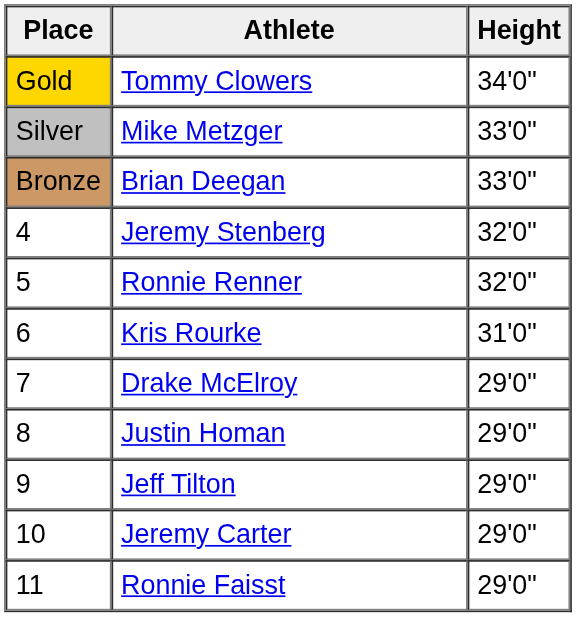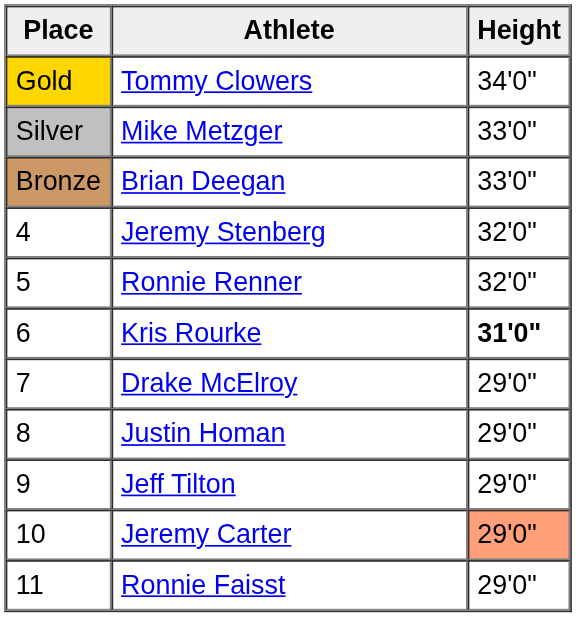 <table border=1 cellpadding=5 cellspacing=0>
 <tr>
 <th style="background:#efefef;" width="20">Place</th>
 <th style="background:#efefef;" width="200">Athlete</th>
 <th style="background:#efefef;" width="20">Height</th>
 </tr>
 <tr align=left>
 <td style="background:gold;">Gold</td>
 <td><a href='#'>Tommy Clowers</a></td>
 <td>34'0"</td>
 </tr>
 <tr align=left>
 <td style="background:silver;">Silver</td>
 <td><a href='#'>Mike Metzger</a></td>
 <td>33'0"</td>
 </tr>
 <tr align=left>
 <td style="background:#CC9966;">Bronze</td>
 <td><a href='#'>Brian Deegan</a></td>
 <td>33'0"</td>
 </tr>
 <tr align=left>
 <td>4</td>
 <td><a href='#'>Jeremy Stenberg</a></td>
 <td>32'0"</td>
 </tr>
 <tr align=left>
 <td>5</td>
 <td><a href='#'>Ronnie Renner</a></td>
 <td>32'0"</td>
 </tr>
 <tr align=left>
 <td>6</td>
 <td><a href='#'>Kris Rourke</a></td>
-<td>31'0"</td>
+<td><strong>31'0"</strong></td>
 </tr>
 <tr align=left>
 <td>7</td>
 <td><a href='#'>Drake McElroy</a></td>
 <td>29'0"</td>
 </tr>
 <tr align=left>
 <td>8</td>
 <td><a href='#'>Justin Homan</a></td>
 <td>29'0"</td>
 </tr>
 <tr align=left>
 <td>9</td>
 <td><a href='#'>Jeff Tilton</a></td>
 <td>29'0"</td>
 </tr>
 <tr align=left>
 <td>10</td>
 <td><a href='#'>Jeremy Carter</a></td>
-<td>29'0"</td>
+<td style="background: lightsalmon;">29'0"</td>
 </tr>
 <tr align=left>
 <td>11</td>
 <td><a href='#'>Ronnie Faisst</a></td>
 <td>29'0"</td>
 </tr>
 <tr align=left>
 </tr>
 </table>
